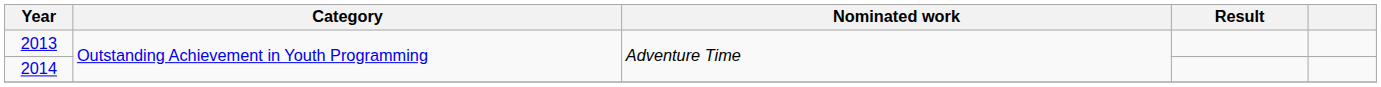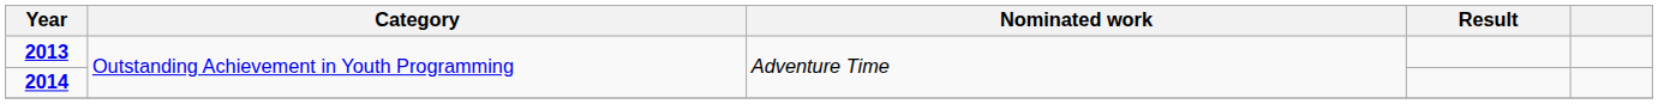 <table class="wikitable" style="width:85%;">
 <tr>
 <th width=5%>Year</th>
 <th style="width:40%;">Category</th>
 <th style="width:40%;">Nominated work</th>
 <th style="width:10%;">Result</th>
 <th width=5%></th>
 </tr>
 <tr>
-<td style="text-align:center;"><a href='#'>2013</a></td>
+<td style="text-align:center;"><strong><a href='#'>2013</a></strong></td>
 <td rowspan="2"><a href='#'>Outstanding Achievement in Youth Programming</a></td>
 <td rowspan="2"><em>Adventure Time</em></td>
 <td></td>
 <td></td>
 </tr>
 <tr>
-<td style="text-align:center;"><a href='#'>2014</a></td>
+<td style="text-align:center;"><strong><a href='#'>2014</a></strong></td>
 <td></td>
 <td></td>
 </tr>
 <tr>
 </tr>
 </table>
